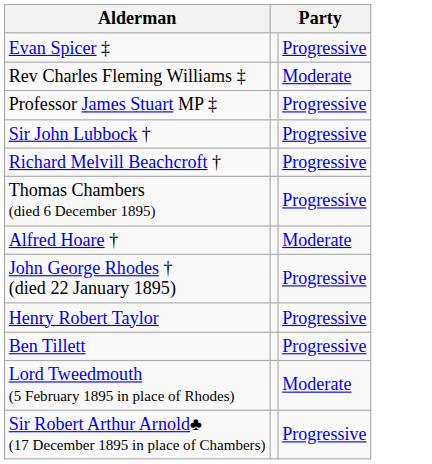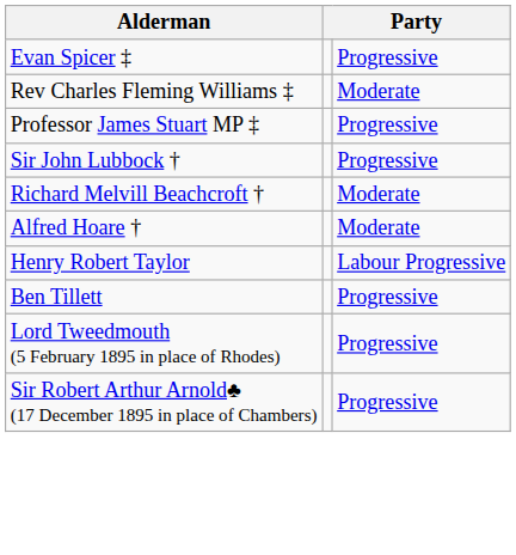 <table class="wikitable">
 <tr>
 <th>Alderman</th>
 <th colspan=2!>Party</th>
 </tr>
 <tr>
 <td><a href='#'>Evan Spicer</a> ‡</td>
 <td style="background-color: "></td>
 <td><a href='#'>Progressive</a></td>
 </tr>
 <tr>
 <td>Rev Charles Fleming Williams ‡</td>
 <td style="background-color: "></td>
 <td><a href='#'>Moderate</a></td>
 </tr>
 <tr>
 <td>Professor <a href='#'>James Stuart</a> MP ‡</td>
 <td style="background-color: "></td>
 <td><a href='#'>Progressive</a></td>
 </tr>
 <tr>
 <td><a href='#'>Sir John Lubbock</a> †</td>
 <td style="background-color: "></td>
 <td><a href='#'>Progressive</a></td>
 </tr>
 <tr>
 <td><a href='#'>Richard Melvill Beachcroft</a> †</td>
 <td style="background-color: "></td>
-<td><a href='#'>Progressive</a></td>
-</tr>
-<tr>
-<td>Thomas Chambers<small><br>(died 6 December 1895)</small></td>
-<td style="background-color: "></td>
-<td><a href='#'>Progressive</a></td>
+<td><a href='#'>Moderate</a></td>
 </tr>
 <tr>
 <td><a href='#'>Alfred Hoare</a> †</td>
 <td style="background-color: "></td>
 <td><a href='#'>Moderate</a></td>
 </tr>
 <tr>
-<td><a href='#'>John George Rhodes</a> †<br>(died 22 January 1895)</td>
-<td style="background-color: "></td>
-<td><a href='#'>Progressive</a></td>
-</tr>
-<tr>
 <td><a href='#'>Henry Robert Taylor</a></td>
 <td style="background-color: "></td>
-<td><a href='#'>Progressive</a></td>
+<td><a href='#'>Labour Progressive</a></td>
 </tr>
 <tr>
 <td><a href='#'>Ben Tillett</a></td>
 <td style="background-color: "></td>
 <td><a href='#'>Progressive</a></td>
 </tr>
 <tr>
 <td><a href='#'>Lord Tweedmouth</a><small><br>(5 February 1895 in place of Rhodes)</small></td>
 <td style="background-color: "></td>
-<td><a href='#'>Moderate</a></td>
+<td><a href='#'>Progressive</a></td>
 </tr>
 <tr>
 <td><a href='#'>Sir Robert Arthur Arnold</a>♣<small><br>(17 December 1895 in place of Chambers)</small></td>
 <td style="background-color: "></td>
 <td><a href='#'>Progressive</a></td>
 </tr>
 </table>
